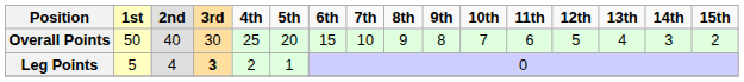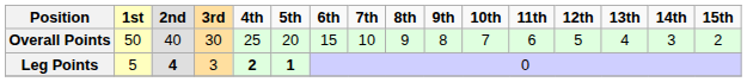 <table class="wikitable" style="font-size:85%; text-align:center">
 <tr>
 <th>Position</th>
 <td style="background:#ffffbf;"> <strong>1st</strong> </td>
 <td style="background:#dfdfdf;"> <strong>2nd</strong> </td>
 <td style="background:#ffdf9f;"> <strong>3rd</strong> </td>
 <td> <strong>4th</strong> </td>
 <td> <strong>5th</strong> </td>
 <td> <strong>6th</strong> </td>
 <td> <strong>7th</strong> </td>
 <td> <strong>8th</strong> </td>
 <td> <strong>9th</strong> </td>
 <td> <strong>10th</strong> </td>
 <td> <strong>11th</strong> </td>
 <td> <strong>12th</strong> </td>
 <td> <strong>13th</strong> </td>
 <td> <strong>14th</strong> </td>
 <td> <strong>15th</strong> </td>
 </tr>
 <tr>
 <th>Overall Points</th>
 <td style="background:#ffffbf;">50</td>
 <td style="background:#dfdfdf;">40</td>
 <td style="background:#ffdf9f;">30</td>
 <td style="background:#dfffdf;">25</td>
 <td style="background:#dfffdf;">20</td>
 <td style="background:#dfffdf;">15</td>
 <td style="background:#dfffdf;">10</td>
 <td style="background:#dfffdf;">9</td>
 <td style="background:#dfffdf;">8</td>
 <td style="background:#dfffdf;">7</td>
 <td style="background:#dfffdf;">6</td>
 <td style="background:#dfffdf;">5</td>
 <td style="background:#dfffdf;">4</td>
 <td style="background:#dfffdf;">3</td>
 <td style="background:#dfffdf;">2</td>
 </tr>
 <tr>
 <th>Leg Points</th>
 <td style="background:#ffffbf;">5</td>
-<td style="background:#dfdfdf;">4</td>
-<td style="background:#ffdf9f;"><strong>3</strong></td>
-<td style="background:#dfffdf;">2</td>
-<td style="background:#dfffdf;">1</td>
+<td style="background:#dfdfdf;"><strong>4</strong></td>
+<td style="background:#ffdf9f;">3</td>
+<td style="background:#dfffdf;"><strong>2</strong></td>
+<td style="background:#dfffdf;"><strong>1</strong></td>
 <td style="background:#cfcfff;" colspan=10>0</td>
 </tr>
 <tr>
 </tr>
 </table>
